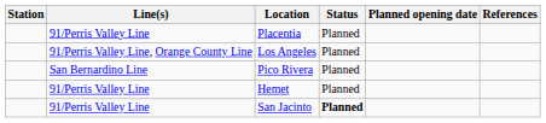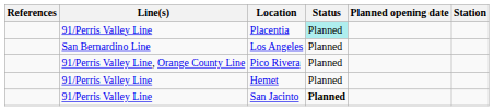 <table class="wikitable sortable">
 <tr>
-<th>Station</th>
+<th class="unsortable">References</th>
 <th>Line(s)</th>
 <th>Location</th>
 <th class="unsortable">Status</th>
 <th>Planned opening date</th>
-<th class="unsortable">References</th>
+<th>Station</th>
 </tr>
 <tr>
 <td></td>
 <td><a href='#'>91/Perris Valley Line</a><br></td>
 <td><a href='#'>Placentia</a></td>
+<td style="background: paleturquoise;">Planned</td>
+<td></td>
+<td></td>
+</tr>
+<tr>
+<td></td>
+<td><a href='#'>San Bernardino Line</a><br></td>
+<td><a href='#'>Los Angeles</a></td>
 <td>Planned</td>
 <td></td>
 <td></td>
 </tr>
 <tr>
 <td></td>
 <td><a href='#'>91/Perris Valley Line</a>, <a href='#'>Orange County Line</a><br></td>
-<td><a href='#'>Los Angeles</a></td>
-<td>Planned</td>
-<td></td>
-<td></td>
-</tr>
-<tr>
-<td></td>
-<td><a href='#'>San Bernardino Line</a><br></td>
 <td><a href='#'>Pico Rivera</a></td>
 <td>Planned</td>
 <td></td>
 <td></td>
 </tr>
 <tr>
 <td></td>
 <td><a href='#'>91/Perris Valley Line</a></td>
 <td><a href='#'>Hemet</a></td>
 <td>Planned</td>
 <td></td>
 <td></td>
 </tr>
 <tr>
 <td></td>
 <td><a href='#'>91/Perris Valley Line</a></td>
 <td><a href='#'>San Jacinto</a></td>
 <td><strong>Planned</strong></td>
 <td></td>
 <td></td>
 </tr>
 </table>
